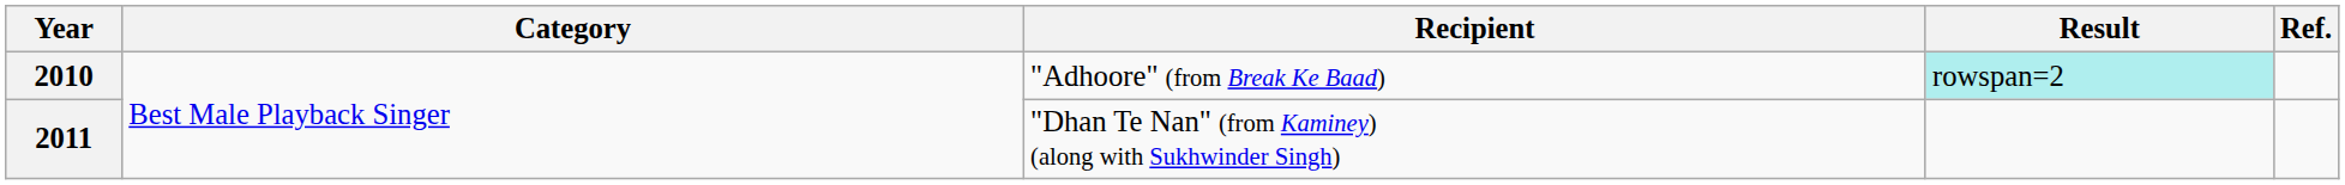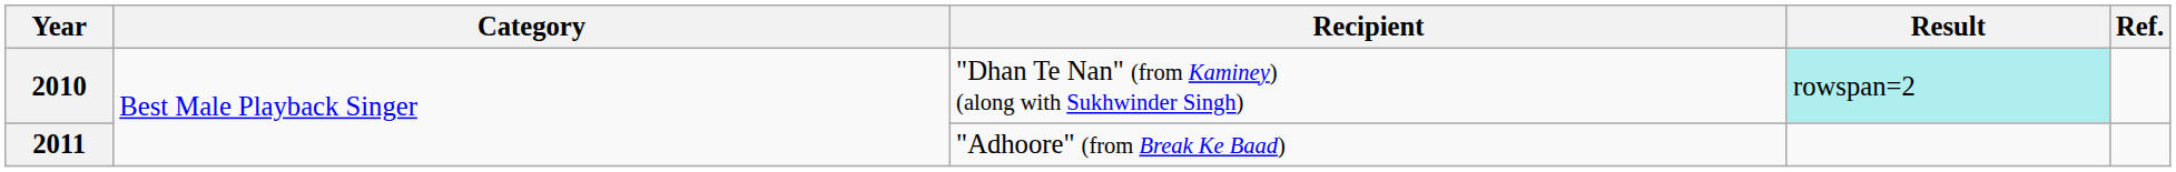 <table class="wikitable plainrowheaders" style="width:100%; textcolor:#000">
 <tr>
 <th scope="col" style="width:5%;"><strong>Year</strong></th>
 <th scope="col" style="width:39%;"><strong>Category</strong></th>
 <th scope="col" style="width:39%;"><strong>Recipient</strong></th>
 <th scope="col" style="width:15%;"><strong>Result</strong></th>
 <th scope="col" style="width:2%;"><strong>Ref.</strong></th>
 </tr>
 <tr>
 <th scope="row">2010</th>
 <td rowspan="2"><a href='#'>Best Male Playback Singer</a></td>
-<td>"Adhoore" <small>(from <em><a href='#'>Break Ke Baad</a></em>)</small></td>
+<td>"Dhan Te Nan" <small>(from <em><a href='#'>Kaminey</a></em>)</small><br><small>(along with <a href='#'>Sukhwinder Singh</a>)</small></td>
 <td style="background: paleturquoise;">rowspan=2 </td>
 <td></td>
 </tr>
 <tr>
 <th scope="row" rowspan="2">2011</th>
-<td>"Dhan Te Nan" <small>(from <em><a href='#'>Kaminey</a></em>)</small><br><small>(along with <a href='#'>Sukhwinder Singh</a>)</small></td>
+<td>"Adhoore" <small>(from <em><a href='#'>Break Ke Baad</a></em>)</small></td>
 <td></td>
 </tr>
 </table>
